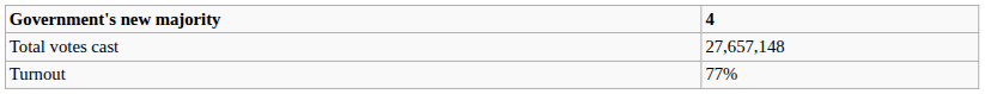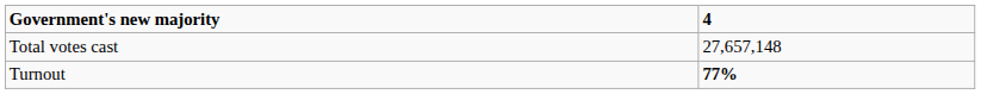 <table class="wikitable" style="width:70%">
 <tr>
 <td><strong>Government's new majority</strong></td>
 <td><strong>4</strong></td>
 </tr>
 <tr>
 <td>Total votes cast</td>
 <td>27,657,148</td>
 </tr>
 <tr>
 <td>Turnout</td>
-<td>77%</td>
+<td><strong>77%</strong></td>
 </tr>
 </table>
